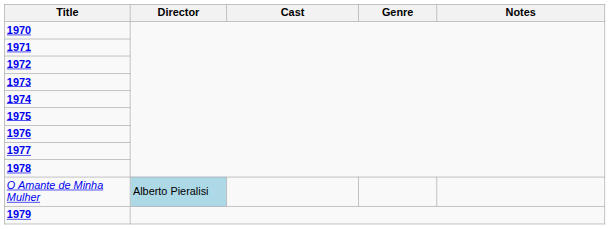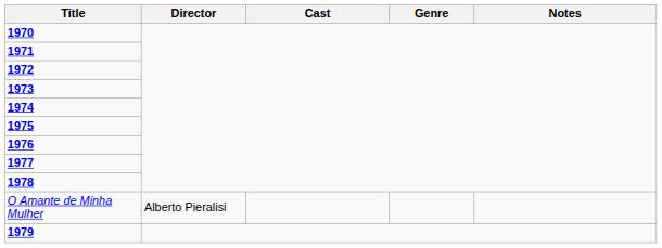 <table class="wikitable" style="width:100%;">
 <tr>
 <th style="width:21%;">Title</th>
 <th style="width:16%;">Director</th>
 <th style="width:22%;">Cast</th>
 <th style="width:13%;">Genre</th>
 <th style="width:28%;">Notes</th>
 </tr>
 <tr>
 <td><strong><a href='#'>1970</a></strong></td>
 </tr>
 <tr>
 <td><strong><a href='#'>1971</a></strong></td>
 </tr>
 <tr>
 <td><strong><a href='#'>1972</a></strong></td>
 </tr>
 <tr>
 <td><strong><a href='#'>1973</a></strong></td>
 </tr>
 <tr>
 <td><strong><a href='#'>1974</a></strong></td>
 </tr>
 <tr>
 <td><strong><a href='#'>1975</a></strong></td>
 </tr>
 <tr>
 <td><strong><a href='#'>1976</a></strong></td>
 </tr>
 <tr>
 <td><strong><a href='#'>1977</a></strong></td>
 </tr>
 <tr>
 <td><strong><a href='#'>1978</a></strong></td>
 </tr>
 <tr>
 <td><em><a href='#'>O Amante de Minha Mulher</a></em></td>
-<td style="background: lightblue;">Alberto Pieralisi</td>
+<td>Alberto Pieralisi</td>
 <td></td>
 <td></td>
 <td></td>
 </tr>
 <tr>
 <td><strong><a href='#'>1979</a></strong></td>
 </tr>
 </table>
